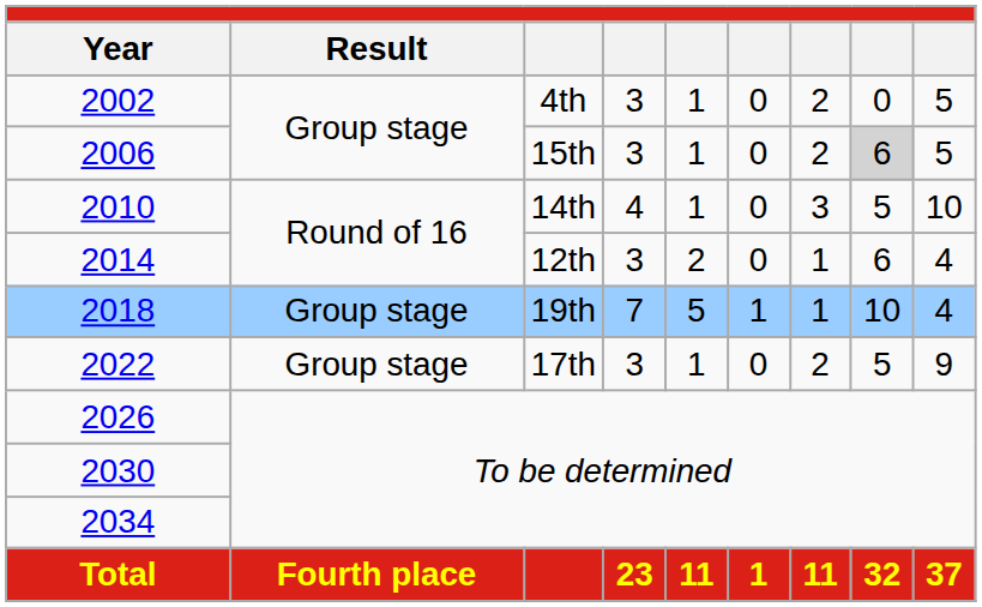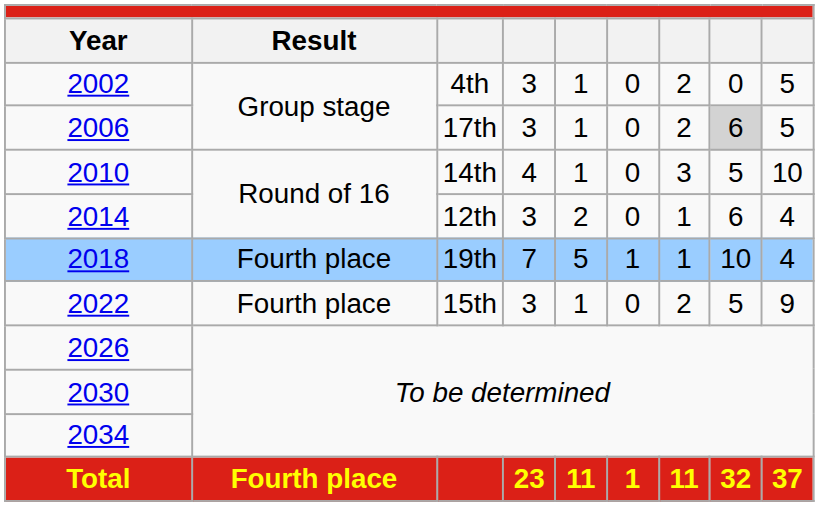 <table class="wikitable" style="text-align: center;font-size:90%;">
 <tr>
 <th colspan="9" style="background: #DB2017; color: #FFFF00;"><a href='#'></a></th>
 </tr>
 <tr>
 <th width="90">Year</th>
 <th width="120">Result</th>
 <th width="20"></th>
 <th width="20"></th>
 <th width="20"></th>
 <th width="20"></th>
 <th width="20"></th>
 <th width="20"></th>
 <th width="20"></th>
 </tr>
 <tr>
 <td> <a href='#'>2002</a></td>
 <td rowspan="2">Group stage</td>
 <td>4th</td>
 <td>3</td>
 <td>1</td>
 <td>0</td>
 <td>2</td>
 <td>0</td>
 <td>5</td>
 </tr>
 <tr>
 <td> <a href='#'>2006</a></td>
-<td>15th</td>
+<td>17th</td>
 <td>3</td>
 <td>1</td>
 <td>0</td>
 <td>2</td>
 <td style="background: lightgrey;">6</td>
 <td>5</td>
 </tr>
 <tr>
 <td> <a href='#'>2010</a></td>
 <td rowspan="2">Round of 16</td>
 <td>14th</td>
 <td>4</td>
 <td>1</td>
 <td>0</td>
 <td>3</td>
 <td>5</td>
 <td>10</td>
 </tr>
 <tr>
 <td> <a href='#'>2014</a></td>
 <td>12th</td>
 <td>3</td>
 <td>2</td>
 <td>0</td>
 <td>1</td>
 <td>6</td>
 <td>4</td>
 </tr>
 <tr style="background:#9acdff">
 <td> <a href='#'>2018</a></td>
-<td>Group stage</td>
+<td>Fourth place</td>
 <td>19th</td>
 <td>7</td>
 <td>5</td>
 <td>1</td>
 <td>1</td>
 <td>10</td>
 <td>4</td>
 </tr>
 <tr>
 <td> <a href='#'>2022</a></td>
-<td>Group stage</td>
-<td>17th</td>
+<td>Fourth place</td>
+<td>15th</td>
 <td>3</td>
 <td>1</td>
 <td>0</td>
 <td>2</td>
 <td>5</td>
 <td>9</td>
 </tr>
 <tr>
 <td> <a href='#'>2026</a></td>
 <td colspan="8" rowspan="3"><em>To be determined</em></td>
 </tr>
 <tr>
 <td> <a href='#'>2030</a></td>
 </tr>
 <tr>
 <td> <a href='#'>2034</a></td>
 </tr>
 <tr>
 <td colspan="1" style="background: #DB2017; color: #FFFF00;"><strong>Total</strong></td>
 <td style="background: #DB2017; color: #FFFF00;"><strong>Fourth place</strong></td>
 <td style="background: #DB2017; color: #FFFF00;"><strong></strong></td>
 <td style="background: #DB2017; color: #FFFF00;"><strong>23</strong></td>
 <td style="background: #DB2017; color: #FFFF00;"><strong>11</strong></td>
 <td style="background: #DB2017; color: #FFFF00;"><strong>1</strong></td>
 <td style="background: #DB2017; color: #FFFF00;"><strong>11</strong></td>
 <td style="background: #DB2017; color: #FFFF00;"><strong>32</strong></td>
 <td style="background: #DB2017; color: #FFFF00;"><strong>37</strong></td>
 </tr>
 </table>
